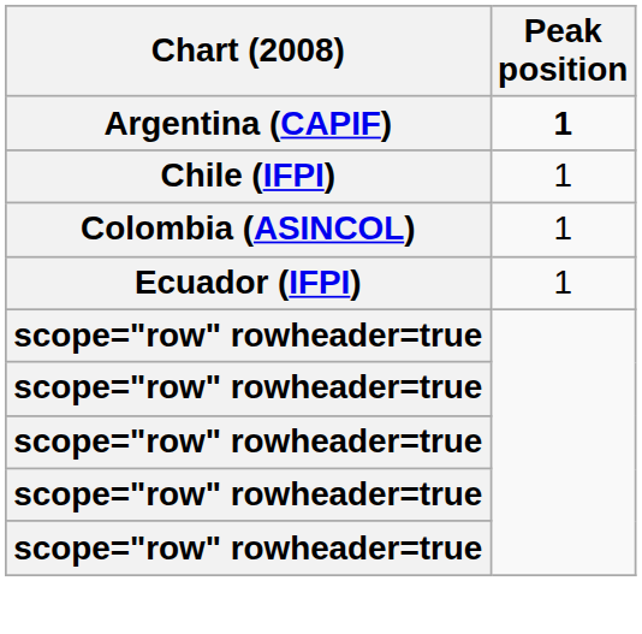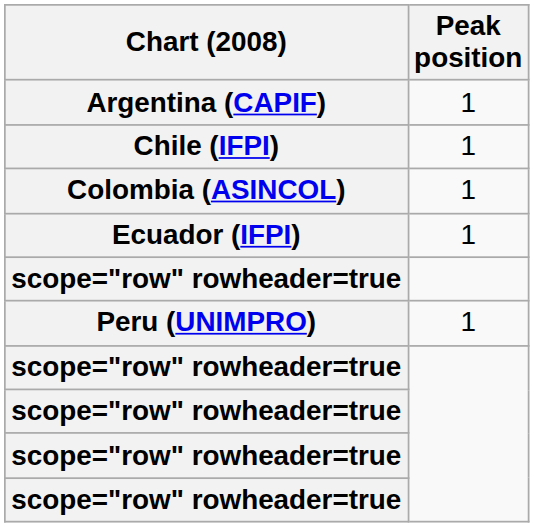 <table class="wikitable sortable plainrowheaders">
 <tr>
 <th>Chart (2008)</th>
 <th>Peak<br>position</th>
 </tr>
 <tr>
 <th scope="row">Argentina (<a href='#'>CAPIF</a>)</th>
-<td style="text-align:center;"><strong>1</strong></td>
+<td style="text-align:center;">1</td>
 </tr>
 <tr>
 <th scope="row">Chile (<a href='#'>IFPI</a>)</th>
 <td style="text-align:center;">1</td>
 </tr>
 <tr>
 <th scope="row">Colombia (<a href='#'>ASINCOL</a>)</th>
 <td style="text-align:center;">1</td>
 </tr>
 <tr>
 <th scope="row">Ecuador (<a href='#'>IFPI</a>)</th>
 <td style="text-align:center;">1</td>
 </tr>
 <tr>
 <th>scope="row" rowheader=true</th>
 </tr>
 <tr>
+<th scope="row">Peru (<a href='#'>UNIMPRO</a>)</th>
+<td style="text-align:center;">1</td>
+</tr>
+<tr>
 <th>scope="row" rowheader=true</th>
 </tr>
 <tr>
 <th>scope="row" rowheader=true</th>
 </tr>
 <tr>
 <th>scope="row" rowheader=true</th>
 </tr>
 <tr>
 <th>scope="row" rowheader=true</th>
 </tr>
 </table>
